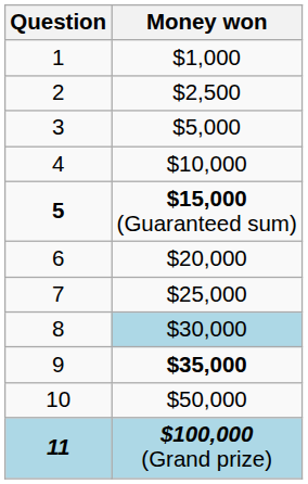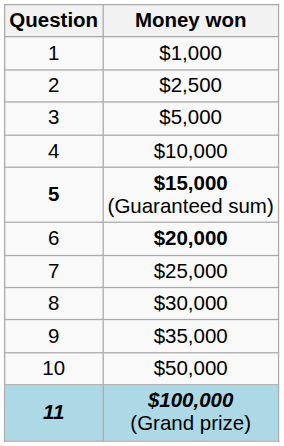 <table class="wikitable" style="text-align:center";>
 <tr>
 <th>Question</th>
 <th>Money won</th>
 </tr>
 <tr>
 <td>1</td>
 <td>$1,000</td>
 </tr>
 <tr>
 <td>2</td>
 <td>$2,500</td>
 </tr>
 <tr>
 <td>3</td>
 <td>$5,000</td>
 </tr>
 <tr>
 <td>4</td>
 <td>$10,000</td>
 </tr>
 <tr>
 <td><strong>5</strong></td>
 <td><strong>$15,000</strong><br>(Guaranteed sum)</td>
 </tr>
 <tr>
 <td>6</td>
-<td>$20,000</td>
+<td><strong>$20,000</strong></td>
 </tr>
 <tr>
 <td>7</td>
 <td>$25,000</td>
 </tr>
 <tr>
 <td>8</td>
-<td style="background: lightblue;">$30,000</td>
+<td>$30,000</td>
 </tr>
 <tr>
 <td>9</td>
-<td><strong>$35,000</strong></td>
+<td>$35,000</td>
 </tr>
 <tr>
 <td>10</td>
 <td>$50,000</td>
 </tr>
 <tr>
 <td bgcolor="lightblue"><strong><em>11</em></strong></td>
 <td bgcolor="lightblue"><strong><em>$100,000</em></strong><br>(Grand prize)</td>
 </tr>
 </table>
